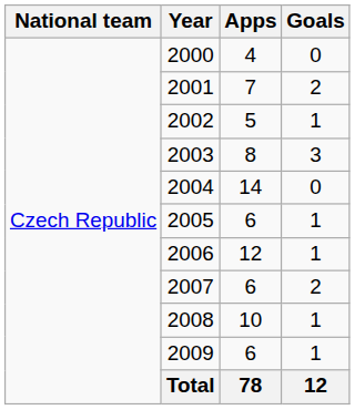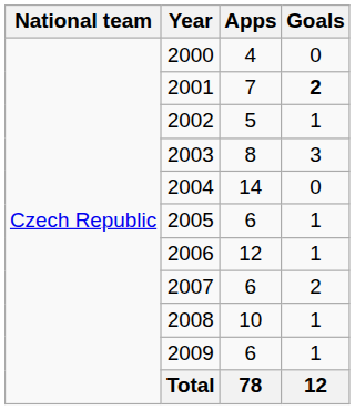 <table class="wikitable" style="text-align:center">
 <tr>
 <th>National team</th>
 <th>Year</th>
 <th>Apps</th>
 <th>Goals</th>
 </tr>
 <tr>
 <td rowspan="11"><a href='#'>Czech Republic</a></td>
 <td>2000</td>
 <td>4</td>
 <td>0</td>
 </tr>
 <tr>
 <td>2001</td>
 <td>7</td>
-<td>2</td>
+<td><strong>2</strong></td>
 </tr>
 <tr>
 <td>2002</td>
 <td>5</td>
 <td>1</td>
 </tr>
 <tr>
 <td>2003</td>
 <td>8</td>
 <td>3</td>
 </tr>
 <tr>
 <td>2004</td>
 <td>14</td>
 <td>0</td>
 </tr>
 <tr>
 <td>2005</td>
 <td>6</td>
 <td>1</td>
 </tr>
 <tr>
 <td>2006</td>
 <td>12</td>
 <td>1</td>
 </tr>
 <tr>
 <td>2007</td>
 <td>6</td>
 <td>2</td>
 </tr>
 <tr>
 <td>2008</td>
 <td>10</td>
 <td>1</td>
 </tr>
 <tr>
 <td>2009</td>
 <td>6</td>
 <td>1</td>
 </tr>
 <tr>
 <th>Total</th>
 <th>78</th>
 <th>12</th>
 </tr>
 </table>
